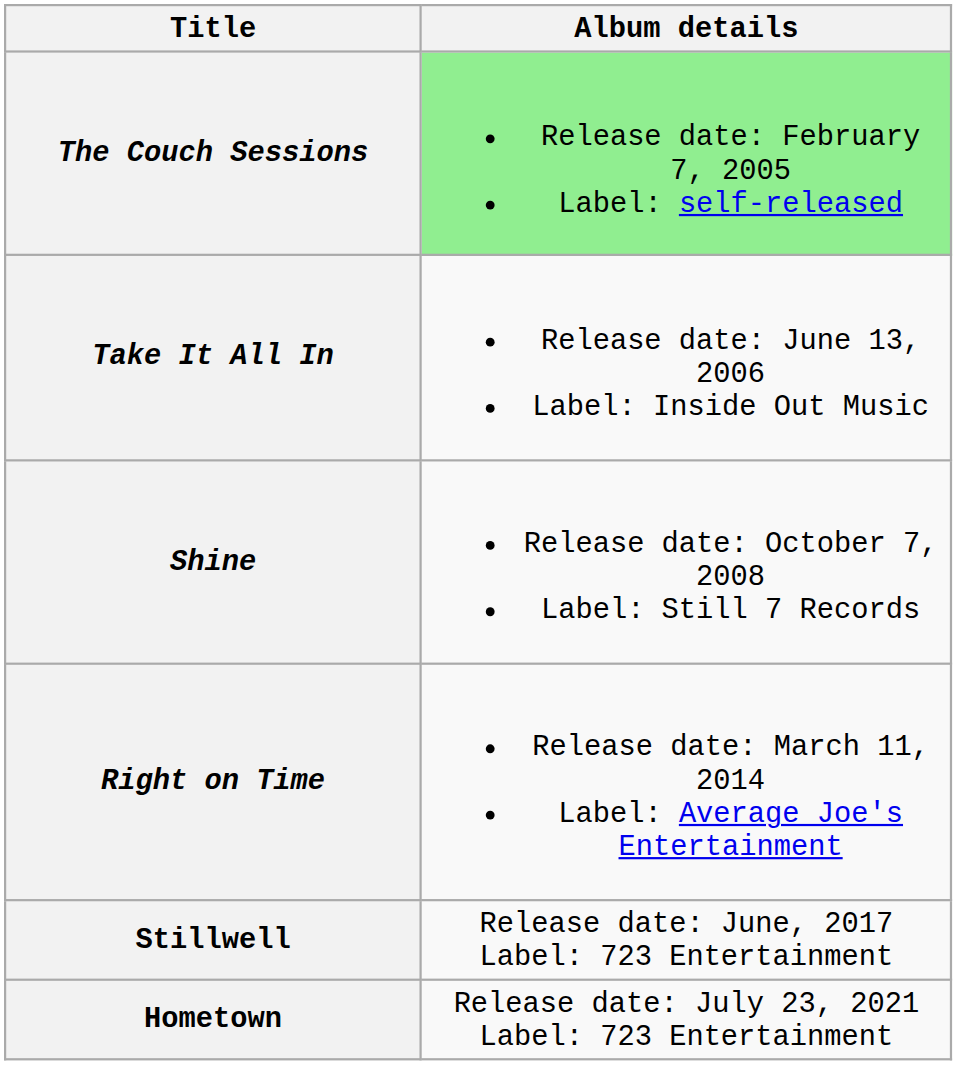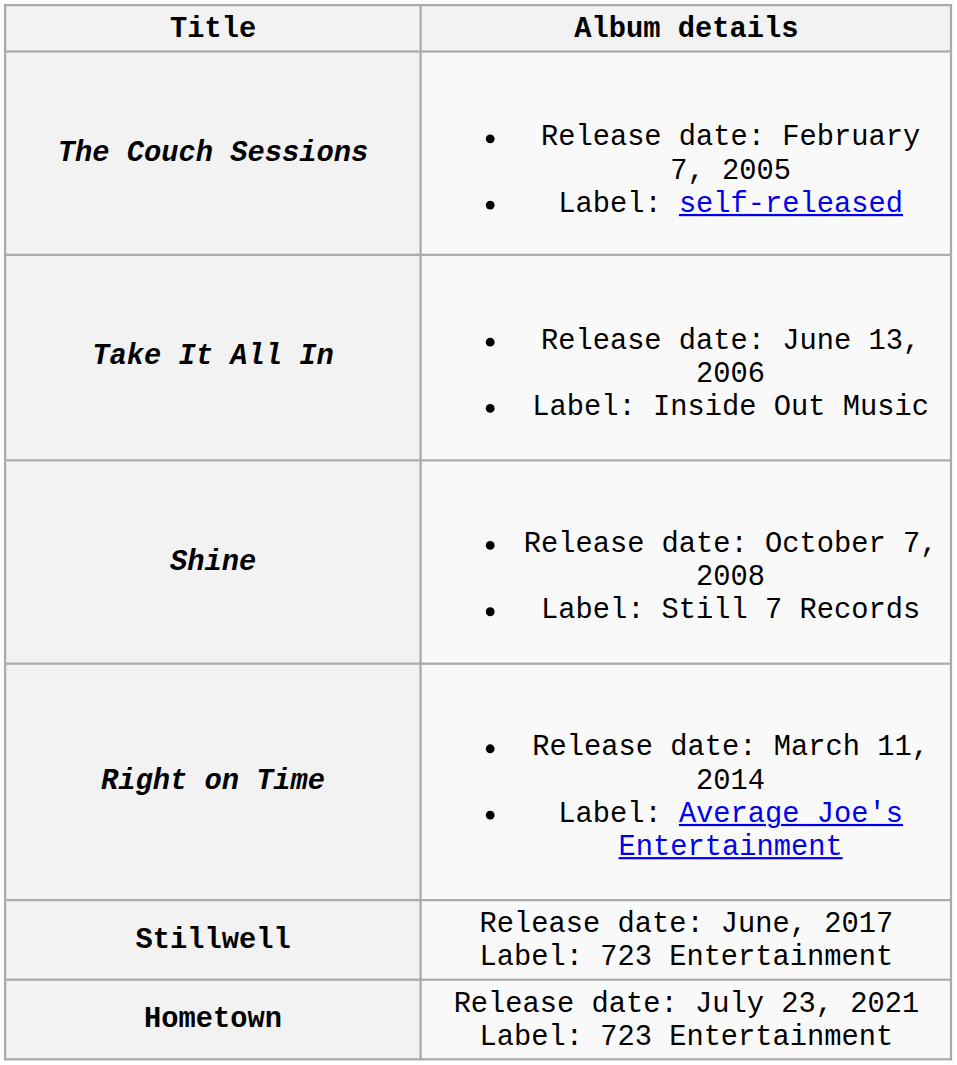 <table class="wikitable plainrowheaders" style="text-align:center;">
 <tr>
 <th style="width:14em;">Title</th>
 <th style="width:18em;">Album details</th>
 </tr>
 <tr>
 <th scope="row"><em>The Couch Sessions</em></th>
-<td style="background: lightgreen;"><br><ul><li>Release date: February 7, 2005</li><li>Label: <a href='#'>self-released</a></li></ul></td>
+<td><br><ul><li>Release date: February 7, 2005</li><li>Label: <a href='#'>self-released</a></li></ul></td>
 </tr>
 <tr>
 <th scope="row"><em>Take It All In</em></th>
 <td><br><ul><li>Release date: June 13, 2006</li><li>Label: Inside Out Music</li></ul></td>
 </tr>
 <tr>
 <th scope="row"><em>Shine</em></th>
 <td><br><ul><li>Release date: October 7, 2008</li><li>Label: Still 7 Records</li></ul></td>
 </tr>
 <tr>
 <th scope="row"><em>Right on Time</em></th>
 <td><br><ul><li>Release date: March 11, 2014</li><li>Label: <a href='#'>Average Joe's Entertainment</a></li></ul></td>
 </tr>
 <tr>
 <th>Stillwell</th>
 <td>Release date:  June, 2017<br>Label:  723 Entertainment</td>
 </tr>
 <tr>
 <th>Hometown</th>
 <td>Release date: July 23, 2021<br>Label:  723 Entertainment</td>
 </tr>
 </table>
